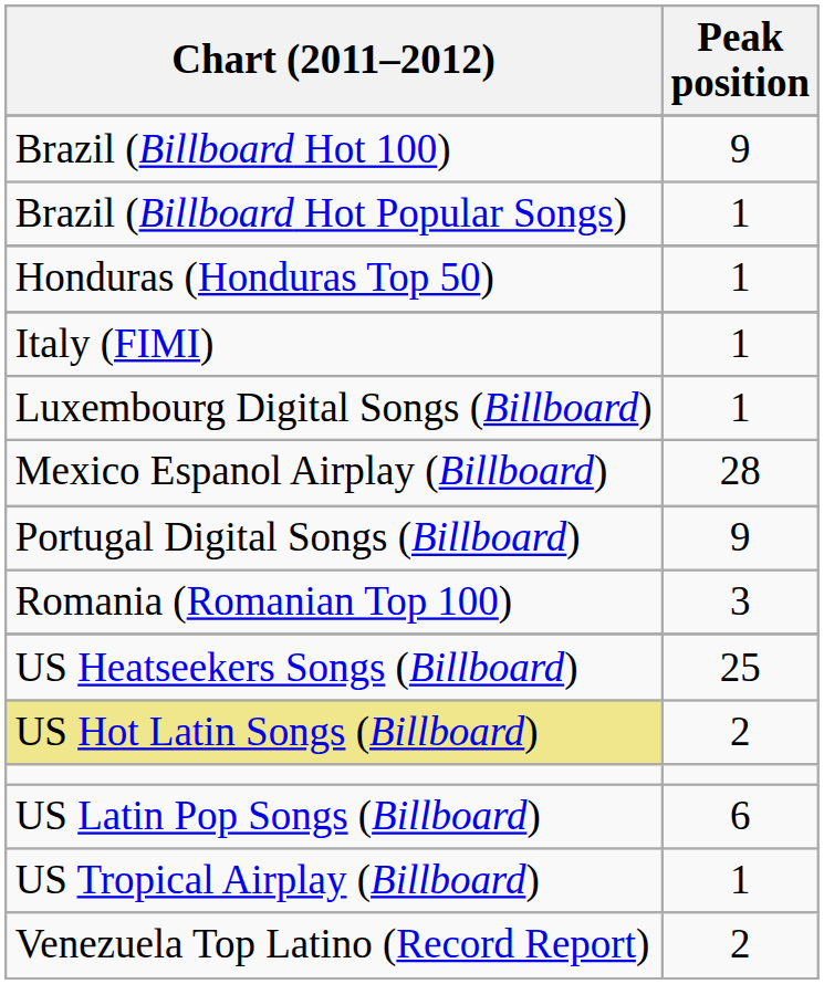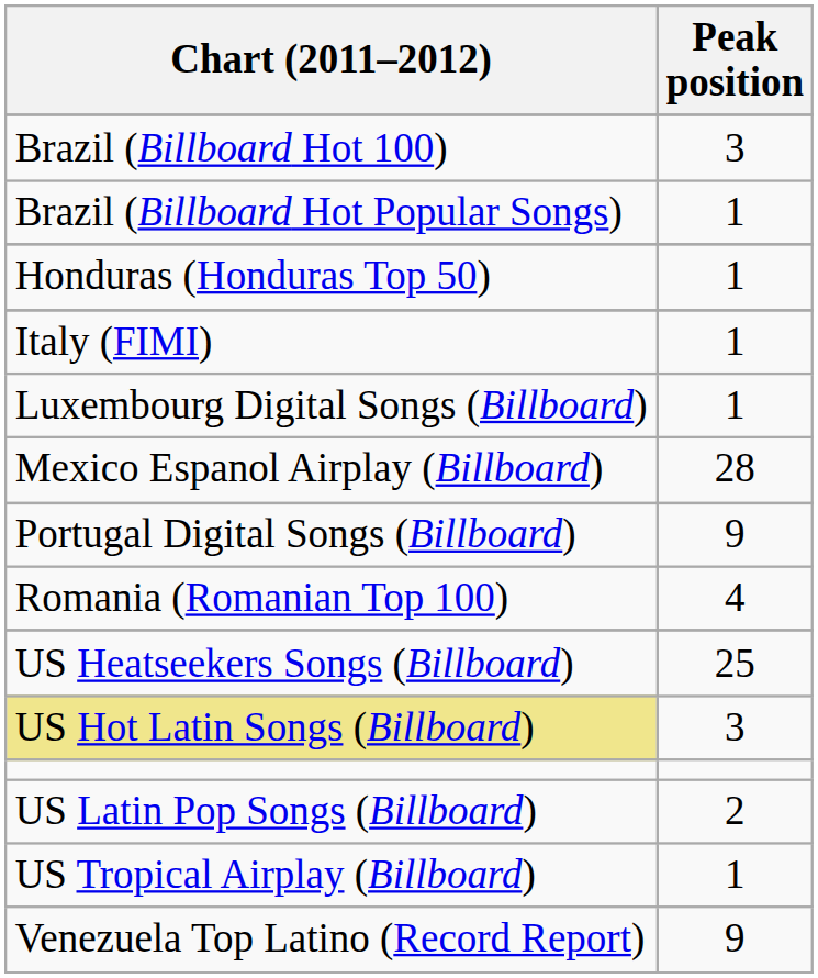 <table class="wikitable sortable">
 <tr>
 <th>Chart (2011–2012)</th>
 <th>Peak<br>position</th>
 </tr>
 <tr>
 </tr>
 <tr>
 </tr>
 <tr>
 </tr>
 <tr>
 <td>Brazil (<a href='#'><em>Billboard</em> Hot 100</a>)</td>
-<td style="text-align:center;">9</td>
+<td style="text-align:center;">3</td>
 </tr>
 <tr>
 <td>Brazil (<a href='#'><em>Billboard</em> Hot Popular Songs</a>)</td>
 <td style="text-align:center;">1</td>
 </tr>
 <tr>
 </tr>
 <tr>
 </tr>
 <tr>
 </tr>
 <tr>
 </tr>
 <tr>
 <td>Honduras (<a href='#'>Honduras Top 50</a>)</td>
 <td style="text-align:center;">1</td>
 </tr>
 <tr>
 </tr>
 <tr>
 </tr>
 <tr>
 <td>Italy (<a href='#'>FIMI</a>)</td>
 <td style="text-align:center;">1</td>
 </tr>
 <tr>
 <td>Luxembourg Digital Songs (<a href='#'><em>Billboard</em></a>)</td>
 <td style="text-align:center;">1</td>
 </tr>
 <tr>
 <td>Mexico Espanol Airplay (<a href='#'><em>Billboard</em></a>)</td>
 <td style="text-align:center;">28</td>
 </tr>
 <tr>
 </tr>
 <tr>
 </tr>
 <tr>
 </tr>
 <tr>
 <td>Portugal Digital Songs (<em><a href='#'>Billboard</a></em>)</td>
 <td style="text-align:center;">9</td>
 </tr>
 <tr>
 <td>Romania (<a href='#'>Romanian Top 100</a>)</td>
-<td style="text-align:center;">3</td>
+<td style="text-align:center;">4</td>
 </tr>
 <tr>
 </tr>
 <tr>
 </tr>
 <tr>
 </tr>
 <tr>
 </tr>
 <tr>
 </tr>
 <tr>
 <td>US <a href='#'>Heatseekers Songs</a> (<em><a href='#'>Billboard</a></em>)</td>
 <td style="text-align:center;">25</td>
 </tr>
 <tr>
 <td style="background: khaki;">US <a href='#'>Hot Latin Songs</a> (<em><a href='#'>Billboard</a></em>)</td>
-<td style="text-align:center;">2</td>
+<td style="text-align:center;">3</td>
 </tr>
 <tr>
 <td></td>
 </tr>
 <tr>
 <td>US <a href='#'>Latin Pop Songs</a> (<em><a href='#'>Billboard</a></em>)</td>
-<td style="text-align:center;">6</td>
+<td style="text-align:center;">2</td>
 </tr>
 <tr>
 <td>US <a href='#'>Tropical Airplay</a> (<em><a href='#'>Billboard</a></em>)</td>
 <td style="text-align:center;">1</td>
 </tr>
 <tr>
 <td>Venezuela Top Latino (<a href='#'>Record Report</a>)</td>
-<td align="center">2</td>
+<td align="center">9</td>
 </tr>
 <tr>
 </tr>
 </table>
